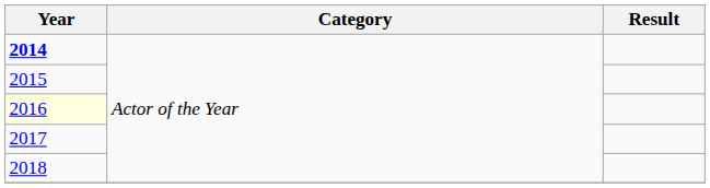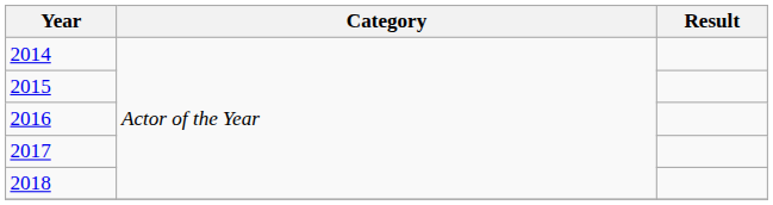 <table class="wikitable">
 <tr>
 <th scope="col" style="width:5em;">Year</th>
 <th scope="col" style="width:26em;">Category</th>
 <th scope="col" style="width:5em;">Result</th>
 </tr>
 <tr>
-<td><strong><a href='#'>2014</a></strong></td>
+<td><a href='#'>2014</a></td>
 <td rowspan= "5"><em>Actor of the Year</em></td>
 <td></td>
 </tr>
 <tr>
 <td><a href='#'>2015</a></td>
 <td></td>
 </tr>
 <tr>
-<td style="background: lightyellow;"><a href='#'>2016</a></td>
+<td><a href='#'>2016</a></td>
 <td></td>
 </tr>
 <tr>
 <td><a href='#'>2017</a></td>
 <td></td>
 </tr>
 <tr>
 <td><a href='#'>2018</a></td>
 <td></td>
 </tr>
 <tr>
 </tr>
 </table>
